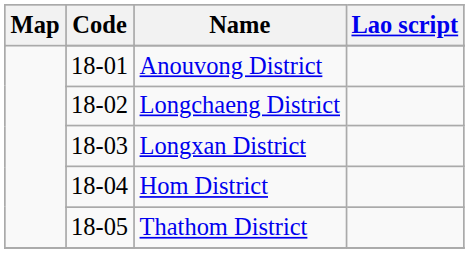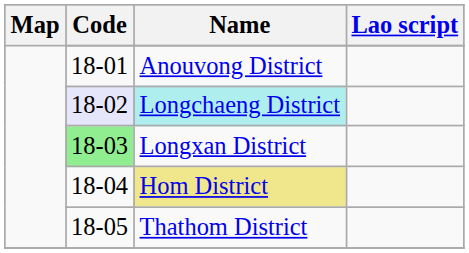 <table class="wikitable"  style="font-size:90%;">
 <tr>
 <th>Map</th>
 <th>Code</th>
 <th>Name</th>
 <th><a href='#'>Lao script</a></th>
 </tr>
 <tr>
 <td rowspan=6></td>
 </tr>
 <tr>
 <td>18-01</td>
 <td><a href='#'>Anouvong District</a></td>
 <td></td>
 </tr>
 <tr>
-<td>18-02</td>
-<td><a href='#'>Longchaeng District</a></td>
+<td style="background: lavender;">18-02</td>
+<td style="background: paleturquoise;"><a href='#'>Longchaeng District</a></td>
 <td></td>
 </tr>
 <tr>
-<td>18-03</td>
+<td style="background: lightgreen;">18-03</td>
 <td><a href='#'>Longxan District</a></td>
 <td></td>
 </tr>
 <tr>
 <td>18-04</td>
-<td><a href='#'>Hom District</a></td>
+<td style="background: khaki;"><a href='#'>Hom District</a></td>
 <td></td>
 </tr>
 <tr>
 <td>18-05</td>
 <td><a href='#'>Thathom District</a></td>
 <td></td>
 </tr>
 <tr>
 </tr>
 </table>
